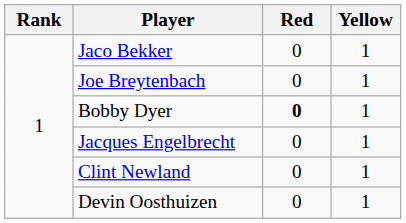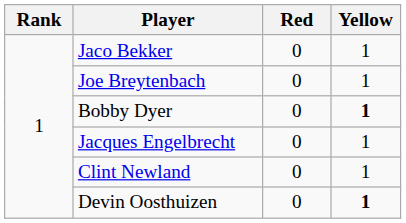 <table class="wikitable"  style="text-align: center;">
 <tr>
 <th style="width:50px;">Rank</th>
 <th style="width:150px;">Player</th>
 <th style="width:50px;">Red</th>
 <th style="width:50px;">Yellow</th>
 </tr>
 <tr>
 <td rowspan=6>1</td>
 <td align=left><a href='#'>Jaco Bekker</a></td>
 <td>0</td>
 <td>1</td>
 </tr>
 <tr>
 <td style="text-align:left;"><a href='#'>Joe Breytenbach</a></td>
 <td>0</td>
 <td>1</td>
 </tr>
 <tr>
 <td style="text-align:left;">Bobby Dyer</td>
-<td><strong>0</strong></td>
-<td>1</td>
+<td>0</td>
+<td><strong>1</strong></td>
 </tr>
 <tr>
 <td style="text-align:left;"><a href='#'>Jacques Engelbrecht</a></td>
 <td>0</td>
 <td>1</td>
 </tr>
 <tr>
 <td style="text-align:left;"><a href='#'>Clint Newland</a></td>
 <td>0</td>
 <td>1</td>
 </tr>
 <tr>
 <td style="text-align:left;">Devin Oosthuizen</td>
 <td>0</td>
-<td>1</td>
+<td><strong>1</strong></td>
 </tr>
 </table>
